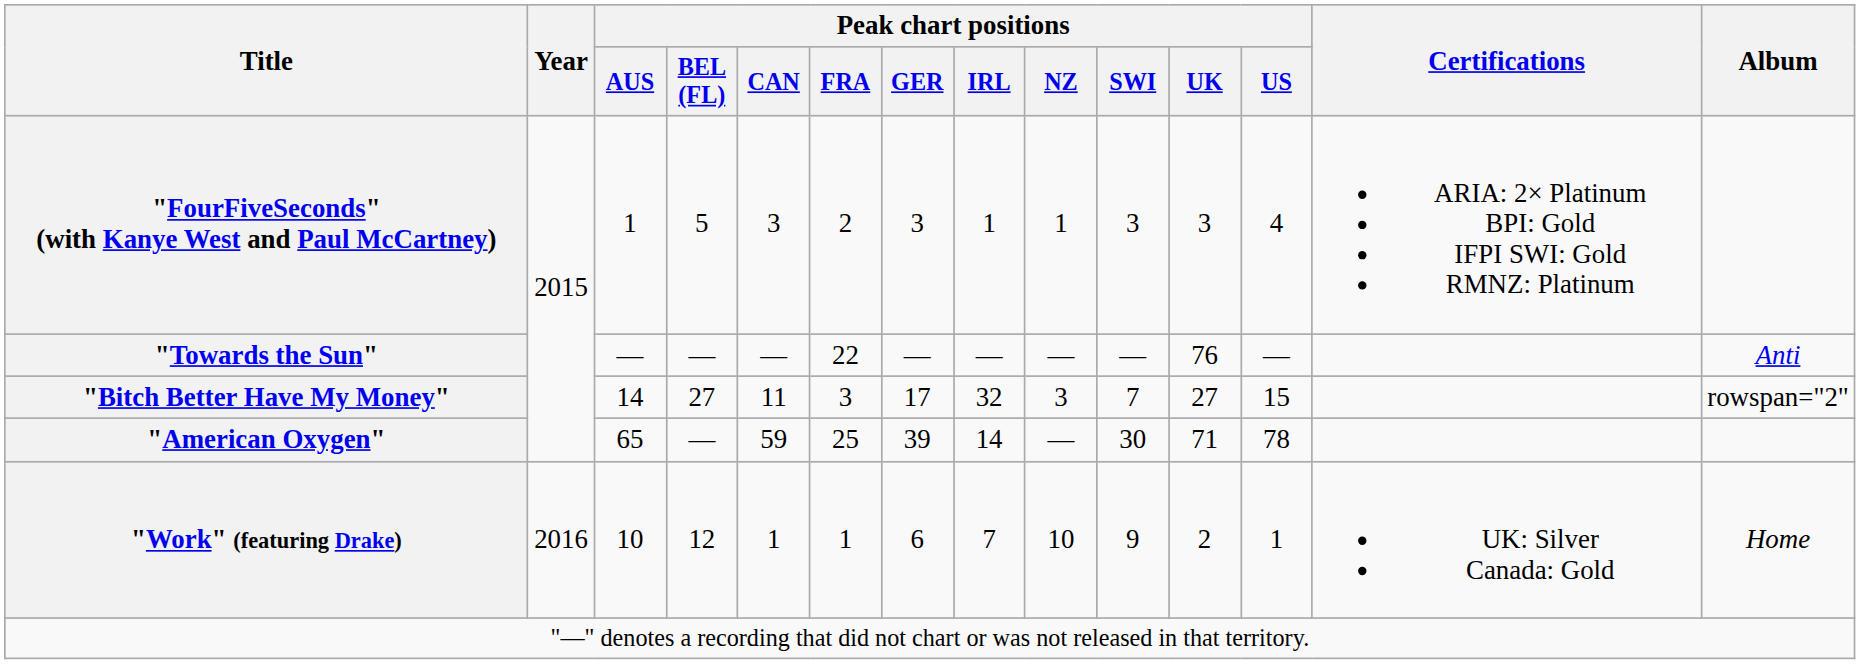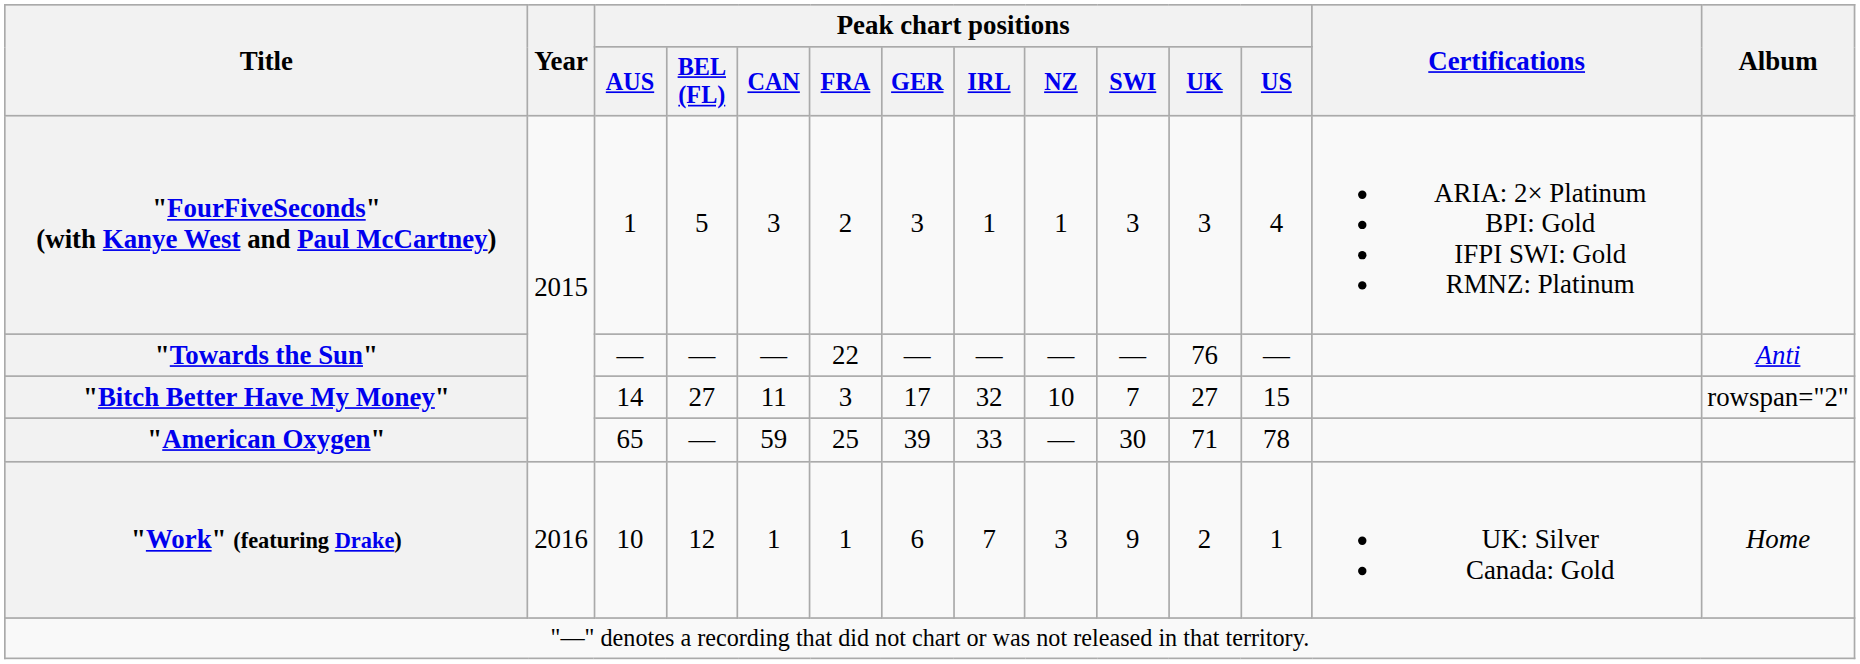 <table class="wikitable plainrowheaders" style="text-align:center;">
 <tr>
 <th scope="col" rowspan="2" style="width:19em;">Title</th>
 <th scope="col" rowspan="2">Year</th>
 <th scope="col" colspan="10">Peak chart positions</th>
 <th scope="col" rowspan="2" style="width:14em;"><a href='#'>Certifications</a></th>
 <th scope="col" rowspan="2">Album</th>
 </tr>
 <tr>
 <th scope="col" style="width:2.5em;font-size:90%;"><a href='#'>AUS</a><br></th>
 <th scope="col" style="width:2.5em;font-size:90%;"><a href='#'>BEL<br>(FL)</a></th>
 <th scope="col" style="width:2.5em;font-size:90%;"><a href='#'>CAN</a><br></th>
 <th scope="col" style="width:2.5em;font-size:90%;"><a href='#'>FRA</a><br></th>
 <th scope="col" style="width:2.5em;font-size:90%;"><a href='#'>GER</a><br></th>
 <th scope="col" style="width:2.5em;font-size:90%;"><a href='#'>IRL</a><br></th>
 <th scope="col" style="width:2.5em;font-size:90%;"><a href='#'>NZ</a><br></th>
 <th scope="col" style="width:2.5em;font-size:90%;"><a href='#'>SWI</a><br></th>
 <th scope="col" style="width:2.5em;font-size:90%;"><a href='#'>UK</a><br></th>
 <th scope="col" style="width:2.5em;font-size:90%;"><a href='#'>US</a><br></th>
 </tr>
 <tr>
 <th scope="row">"<a href='#'>FourFiveSeconds</a>"<br><span>(with <a href='#'>Kanye West</a> and <a href='#'>Paul McCartney</a>)</span></th>
 <td rowspan="4">2015</td>
 <td>1</td>
 <td>5</td>
 <td>3</td>
 <td>2</td>
 <td>3</td>
 <td>1</td>
 <td>1</td>
 <td>3</td>
 <td>3</td>
 <td>4</td>
 <td><br><ul><li>ARIA: 2× Platinum</li><li>BPI: Gold</li><li>IFPI SWI: Gold</li><li>RMNZ: Platinum</li></ul></td>
 <td></td>
 </tr>
 <tr>
 <th scope="row">"<a href='#'>Towards the Sun</a>"</th>
 <td>—</td>
 <td>—</td>
 <td>—</td>
 <td>22</td>
 <td>—</td>
 <td>—</td>
 <td>—</td>
 <td>—</td>
 <td>76</td>
 <td>—</td>
 <td></td>
 <td><em><a href='#'>Anti</a></em></td>
 </tr>
 <tr>
 <th scope="row">"<a href='#'>Bitch Better Have My Money</a>"</th>
 <td>14</td>
 <td>27</td>
 <td>11</td>
 <td>3</td>
 <td>17</td>
 <td>32</td>
-<td>3</td>
+<td>10</td>
 <td>7</td>
 <td>27</td>
 <td>15</td>
 <td></td>
 <td>rowspan="2" </td>
 </tr>
 <tr>
 <th scope="row">"<a href='#'>American Oxygen</a>"</th>
 <td>65</td>
 <td>—</td>
 <td>59</td>
 <td>25</td>
 <td>39</td>
-<td>14</td>
+<td>33</td>
 <td>—</td>
 <td>30</td>
 <td>71</td>
 <td>78</td>
 <td></td>
 </tr>
 <tr>
 <th scope="row">"<a href='#'>Work</a>" <small>(featuring <a href='#'>Drake</a>)</small></th>
 <td rowspan="1">2016</td>
 <td>10</td>
 <td>12</td>
 <td>1</td>
 <td>1</td>
 <td>6</td>
 <td>7</td>
-<td>10</td>
+<td>3</td>
 <td>9</td>
 <td>2</td>
 <td>1</td>
 <td><br><ul><li>UK: Silver</li><li>Canada: Gold</li></ul></td>
 <td><em>Home</em></td>
 </tr>
 <tr>
 <td colspan="15" style="font-size:90%">"—" denotes a recording that did not chart or was not released in that territory.</td>
 </tr>
 </table>
